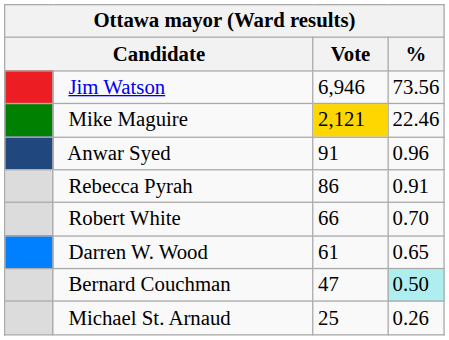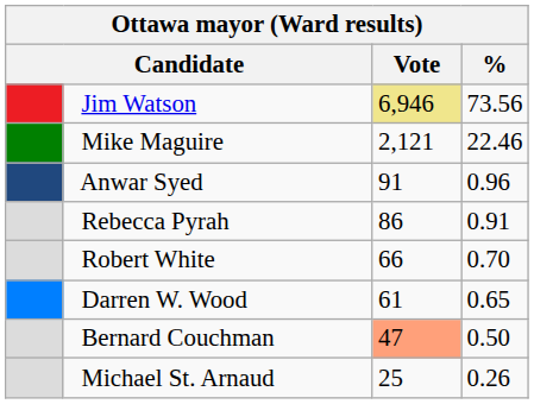 <table class="wikitable">
 <tr>
 <th colspan="4">Ottawa mayor (Ward results)</th>
 </tr>
 <tr>
 <th bgcolor="#DDDDFF" width="230px" colspan="2">Candidate</th>
 <th bgcolor="#DDDDFF" width="50px">Vote</th>
 <th bgcolor="#DDDDFF" width="30px">%</th>
 </tr>
 <tr>
 <td bgcolor=#ED1D24 width="30px"> </td>
 <td>  <a href='#'>Jim Watson</a></td>
-<td>6,946</td>
+<td style="background: khaki;">6,946</td>
 <td>73.56</td>
 </tr>
 <tr>
 <td bgcolor=#008000 width="30px"> </td>
 <td>  Mike Maguire</td>
-<td style="background: gold;">2,121</td>
+<td>2,121</td>
 <td>22.46</td>
 </tr>
 <tr>
 <td bgcolor=#20487E width="30px"> </td>
 <td>  Anwar Syed</td>
 <td>91</td>
 <td>0.96</td>
 </tr>
 <tr>
 <td bgcolor=#DCDCDC width="30px"> </td>
 <td>  Rebecca Pyrah</td>
 <td>86</td>
 <td>0.91</td>
 </tr>
 <tr>
 <td bgcolor=#DCDCDC width="30px"> </td>
 <td>  Robert White</td>
 <td>66</td>
 <td>0.70</td>
 </tr>
 <tr>
 <td bgcolor=#007FFF width="30px"> </td>
 <td>  Darren W. Wood</td>
 <td>61</td>
 <td>0.65</td>
 </tr>
 <tr>
 <td bgcolor=#DCDCDC width="30px"> </td>
 <td>  Bernard Couchman</td>
-<td>47</td>
-<td style="background: paleturquoise;">0.50</td>
+<td style="background: lightsalmon;">47</td>
+<td>0.50</td>
 </tr>
 <tr>
 <td bgcolor=#DCDCDC width="30px"> </td>
 <td>  Michael St. Arnaud</td>
 <td>25</td>
 <td>0.26</td>
 </tr>
 </table>
